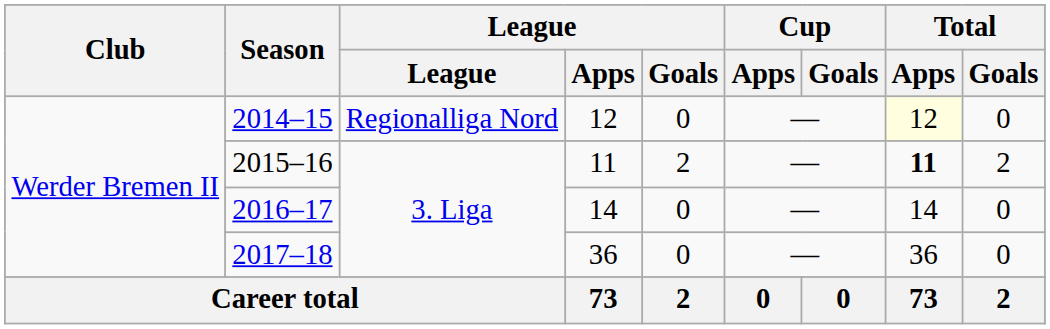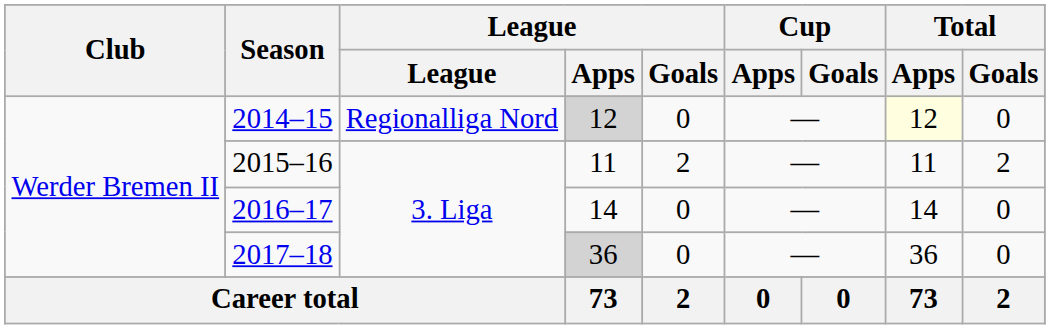 <table class="wikitable" style="text-align:center">
 <tr>
 <th rowspan="2">Club</th>
 <th rowspan="2">Season</th>
 <th colspan="3">League</th>
 <th colspan="2">Cup</th>
 <th colspan="2">Total</th>
 </tr>
 <tr>
 <th>League</th>
 <th>Apps</th>
 <th>Goals</th>
 <th>Apps</th>
 <th>Goals</th>
 <th>Apps</th>
 <th>Goals</th>
 </tr>
 <tr>
 <td rowspan="4"><a href='#'>Werder Bremen II</a></td>
 <td><a href='#'>2014–15</a></td>
 <td><a href='#'>Regionalliga Nord</a></td>
-<td>12</td>
+<td style="background: lightgrey;">12</td>
 <td>0</td>
 <td colspan="2">—</td>
 <td style="background: lightyellow;">12</td>
 <td>0</td>
 </tr>
 <tr>
 <td>2015–16</td>
 <td rowspan="3"><a href='#'>3. Liga</a></td>
 <td>11</td>
 <td>2</td>
 <td colspan="2">—</td>
-<td><strong>11</strong></td>
+<td>11</td>
 <td>2</td>
 </tr>
 <tr>
 <td><a href='#'>2016–17</a></td>
 <td>14</td>
 <td>0</td>
 <td colspan="2">—</td>
 <td>14</td>
 <td>0</td>
 </tr>
 <tr>
 <td><a href='#'>2017–18</a></td>
-<td>36</td>
+<td style="background: lightgrey;">36</td>
 <td>0</td>
 <td colspan="2">—</td>
 <td>36</td>
 <td>0</td>
 </tr>
 <tr>
 <th colspan="3">Career total</th>
 <th>73</th>
 <th>2</th>
 <th>0</th>
 <th>0</th>
 <th>73</th>
 <th>2</th>
 </tr>
 </table>
